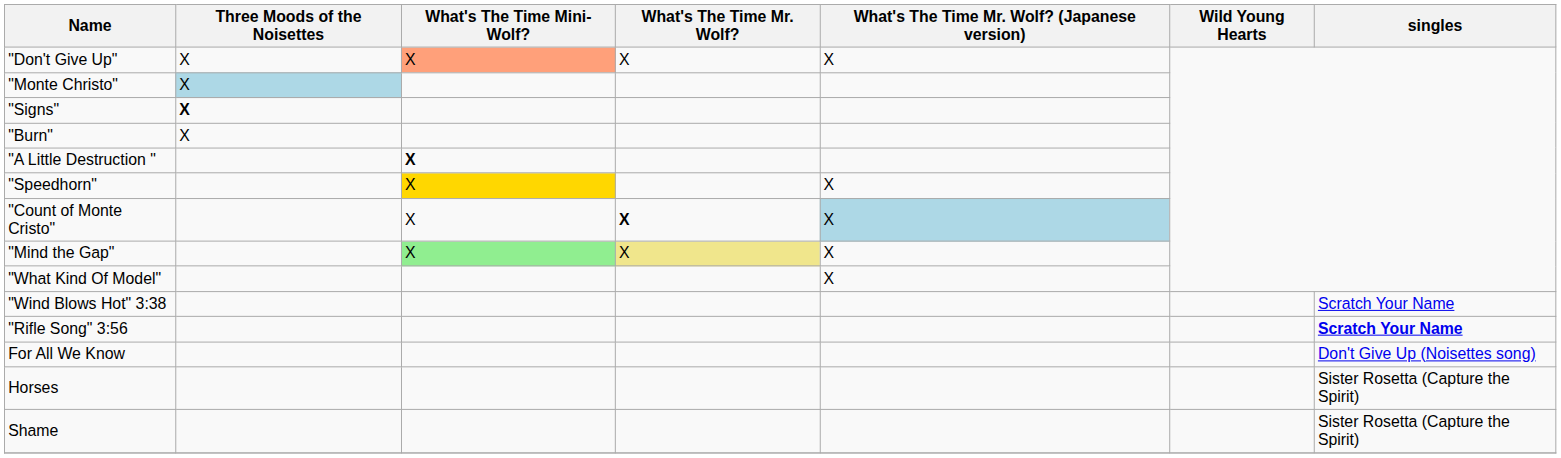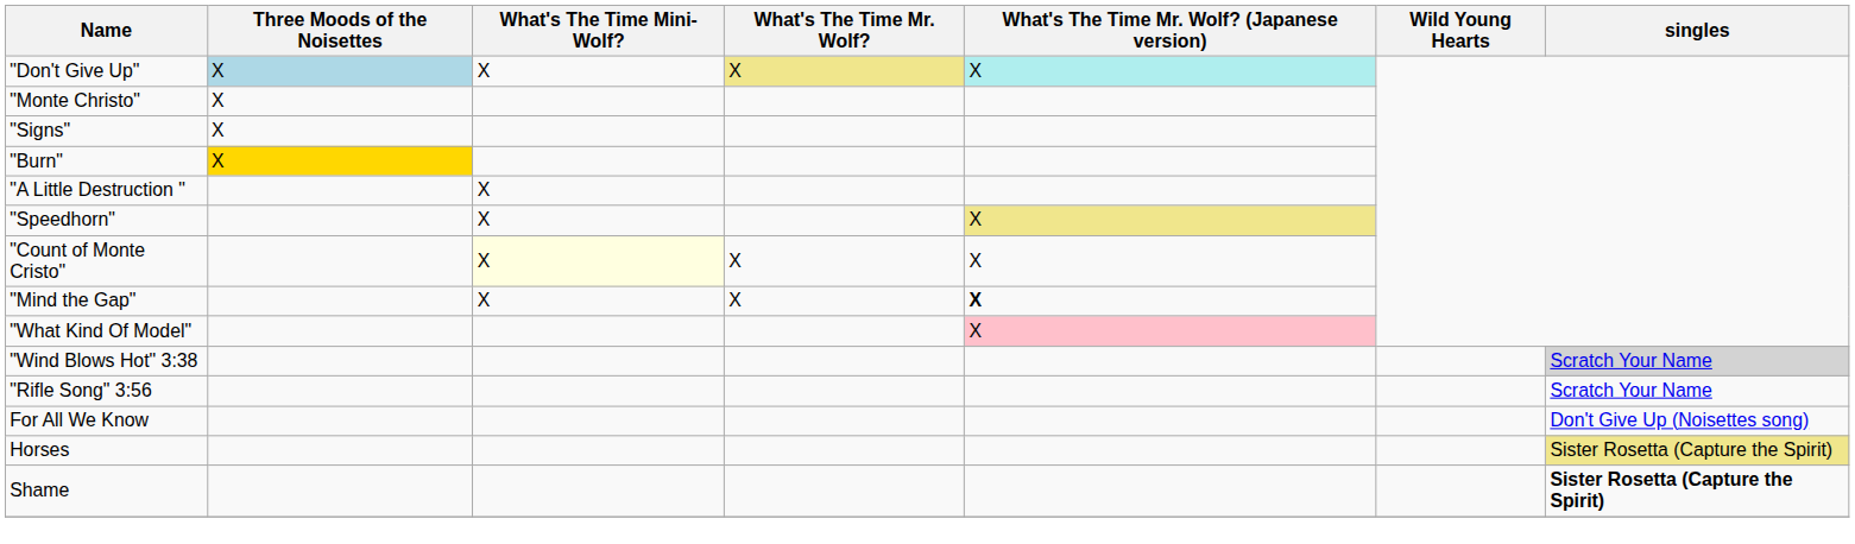 <table class="wikitable" border="1">
 <tr>
 <th>Name</th>
 <th>Three Moods of the Noisettes</th>
 <th>What's The Time Mini-Wolf?</th>
 <th>What's The Time Mr. Wolf?</th>
 <th>What's The Time Mr. Wolf? (Japanese version)</th>
 <th>Wild Young Hearts</th>
 <th>singles</th>
 </tr>
 <tr>
 <td>"Don't Give Up"</td>
+<td style="background: lightblue;">X</td>
 <td>X</td>
-<td style="background: lightsalmon;">X</td>
-<td>X</td>
-<td>X</td>
+<td style="background: khaki;">X</td>
+<td style="background: paleturquoise;">X</td>
 </tr>
 <tr>
 <td>"Monte Christo"</td>
-<td style="background: lightblue;">X</td>
+<td>X</td>
 <td></td>
 <td></td>
 <td></td>
 </tr>
 <tr>
 <td>"Signs"</td>
-<td><strong>X</strong></td>
+<td>X</td>
 <td></td>
 <td></td>
 <td></td>
 </tr>
 <tr>
 <td>"Burn"</td>
-<td>X</td>
+<td style="background: gold;">X</td>
 <td></td>
 <td></td>
 <td></td>
 </tr>
 <tr>
 <td>"A Little Destruction "</td>
 <td></td>
-<td><strong>X</strong></td>
+<td>X</td>
 <td></td>
 <td></td>
 </tr>
 <tr>
 <td>"Speedhorn"</td>
 <td></td>
-<td style="background: gold;">X</td>
+<td>X</td>
 <td></td>
-<td>X</td>
+<td style="background: khaki;">X</td>
 </tr>
 <tr>
 <td>"Count of Monte Cristo"</td>
 <td></td>
+<td style="background: lightyellow;">X</td>
 <td>X</td>
-<td><strong>X</strong></td>
-<td style="background: lightblue;">X</td>
+<td>X</td>
 </tr>
 <tr>
 <td>"Mind the Gap"</td>
 <td></td>
-<td style="background: lightgreen;">X</td>
-<td style="background: khaki;">X</td>
 <td>X</td>
+<td>X</td>
+<td><strong>X</strong></td>
 </tr>
 <tr>
 <td>"What Kind Of Model"</td>
 <td></td>
 <td></td>
 <td></td>
-<td>X</td>
+<td style="background: pink;">X</td>
 </tr>
 <tr>
 <td>"Wind Blows Hot" 3:38</td>
 <td></td>
 <td></td>
 <td></td>
 <td></td>
 <td></td>
-<td><a href='#'>Scratch Your Name</a></td>
+<td style="background: lightgrey;"><a href='#'>Scratch Your Name</a></td>
 </tr>
 <tr>
 <td>"Rifle Song" 3:56</td>
 <td></td>
 <td></td>
 <td></td>
 <td></td>
 <td></td>
-<td><strong><a href='#'>Scratch Your Name</a></strong></td>
+<td><a href='#'>Scratch Your Name</a></td>
 </tr>
 <tr>
 <td>For All We Know</td>
 <td></td>
 <td></td>
 <td></td>
 <td></td>
 <td></td>
 <td><a href='#'>Don't Give Up (Noisettes song)</a></td>
 </tr>
 <tr>
 <td>Horses</td>
 <td></td>
 <td></td>
 <td></td>
 <td></td>
 <td></td>
-<td>Sister Rosetta (Capture the Spirit)</td>
+<td style="background: khaki;">Sister Rosetta (Capture the Spirit)</td>
 </tr>
 <tr>
 <td>Shame</td>
 <td></td>
 <td></td>
 <td></td>
 <td></td>
 <td></td>
-<td>Sister Rosetta (Capture the Spirit)</td>
+<td><strong>Sister Rosetta (Capture the Spirit)</strong></td>
 </tr>
 <tr>
 </tr>
 </table>
